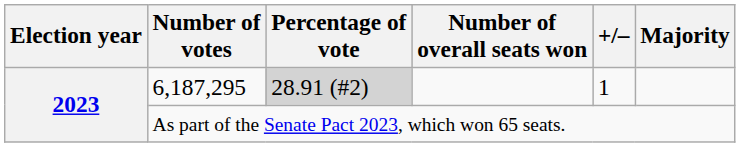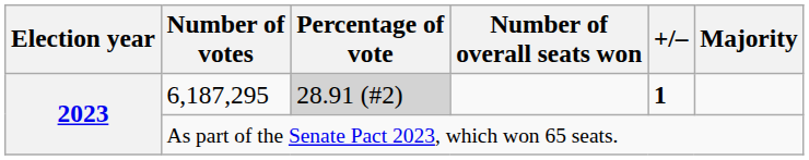 <table class=wikitable>
 <tr>
 <th>Election year</th>
 <th>Number of<br>votes</th>
 <th>Percentage of<br>vote</th>
 <th>Number of<br>overall seats won</th>
 <th>+/–</th>
 <th>Majority</th>
 </tr>
 <tr>
 <th rowspan="2"><a href='#'>2023</a></th>
 <td>6,187,295</td>
 <td style="background: lightgrey;">28.91 (#2)</td>
 <td></td>
-<td>1</td>
+<td><strong>1</strong></td>
 <td></td>
 </tr>
 <tr>
 <td colspan="5"><small>As part of the <a href='#'>Senate Pact 2023</a>, which won 65 seats.</small></td>
 </tr>
 </table>
